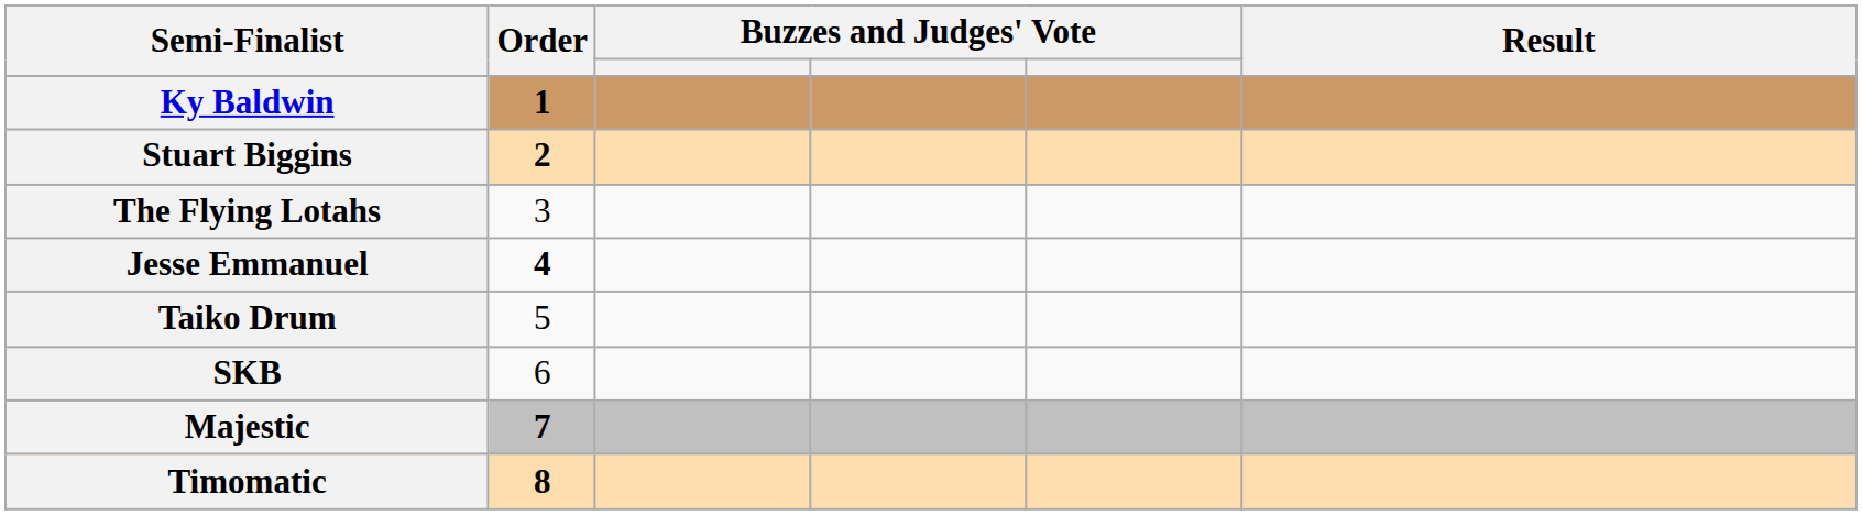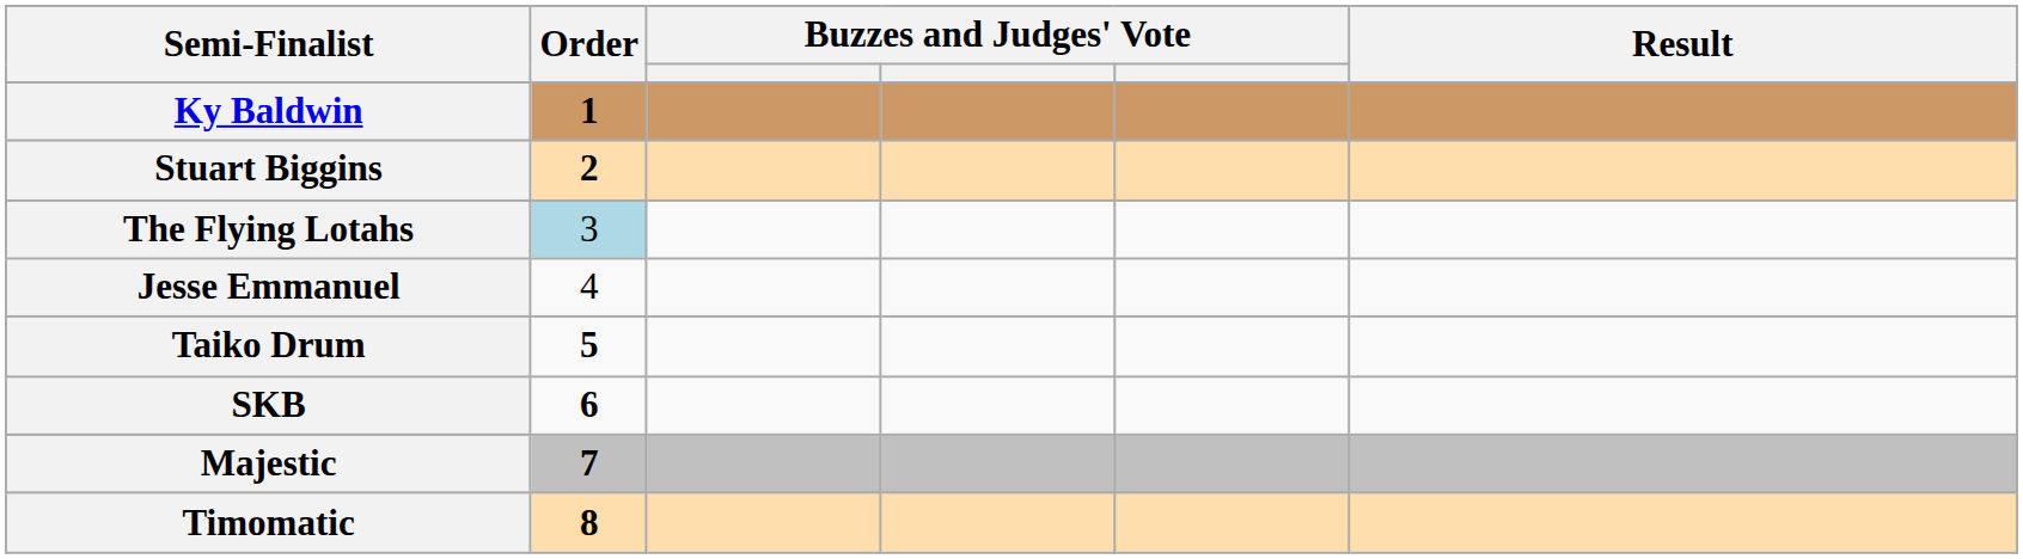 <table class="wikitable plainrowheaders sortable" style="text-align:center;">
 <tr>
 <th scope="col" rowspan=2 class="unsortable" style="width:17em;">Semi-Finalist</th>
 <th scope="col" rowspan=2 style="width:1em;">Order</th>
 <th scope="col" colspan=3 class="unsortable" style="width:24em;">Buzzes and Judges' Vote</th>
 <th scope="col" rowspan=2 style="width:23em;">Result</th>
 </tr>
 <tr>
 <th scope="col" class="unsortable" style="width:6em;"></th>
 <th scope="col" class="unsortable" style="width:6em;"></th>
 <th scope="col" class="unsortable" style="width:6em;"></th>
 </tr>
 <tr bgcolor=#c96>
 <th scope="row"><strong><a href='#'>Ky Baldwin</a></strong></th>
 <td><strong>1</strong></td>
 <td style="text-align:center;"></td>
 <td style="text-align:center;"></td>
 <td style="text-align:center;"></td>
 <td><strong></strong></td>
 </tr>
 <tr bgcolor=navajowhite>
 <th scope="row"><strong>Stuart Biggins</strong></th>
 <td><strong>2</strong></td>
 <td style="text-align:center;"></td>
 <td style="text-align:center;"></td>
 <td style="text-align:center;"></td>
 <td><strong></strong></td>
 </tr>
 <tr>
 <th scope="row">The Flying Lotahs</th>
-<td>3</td>
+<td style="background: lightblue;">3</td>
 <td style="text-align:center;"></td>
 <td style="text-align:center;"></td>
 <td style="text-align:center;"></td>
 <td></td>
 </tr>
 <tr>
 <th scope="row">Jesse Emmanuel</th>
-<td><strong>4</strong></td>
+<td>4</td>
 <td style="text-align:center;"></td>
 <td style="text-align:center;"></td>
 <td style="text-align:center;"></td>
 <td></td>
 </tr>
 <tr>
 <th scope="row">Taiko Drum</th>
-<td>5</td>
+<td><strong>5</strong></td>
 <td style="text-align:center;"></td>
 <td style="text-align:center;"></td>
 <td style="text-align:center;"></td>
 <td></td>
 </tr>
 <tr>
 <th scope="row">SKB</th>
-<td>6</td>
+<td><strong>6</strong></td>
 <td style="text-align:center;"></td>
 <td style="text-align:center;"></td>
 <td style="text-align:center;"></td>
 <td></td>
 </tr>
 <tr bgcolor=silver>
 <th scope="row"><strong>Majestic</strong></th>
 <td><strong>7</strong></td>
 <td style="text-align:center;"></td>
 <td style="text-align:center;"></td>
 <td style="text-align:center;"></td>
 <td><strong></strong></td>
 </tr>
 <tr bgcolor=navajowhite>
 <th scope="row"><strong>Timomatic</strong></th>
 <td><strong>8</strong></td>
 <td style="text-align:center;"></td>
 <td style="text-align:center;"></td>
 <td style="text-align:center;"></td>
 <td><strong></strong></td>
 </tr>
 </table>
